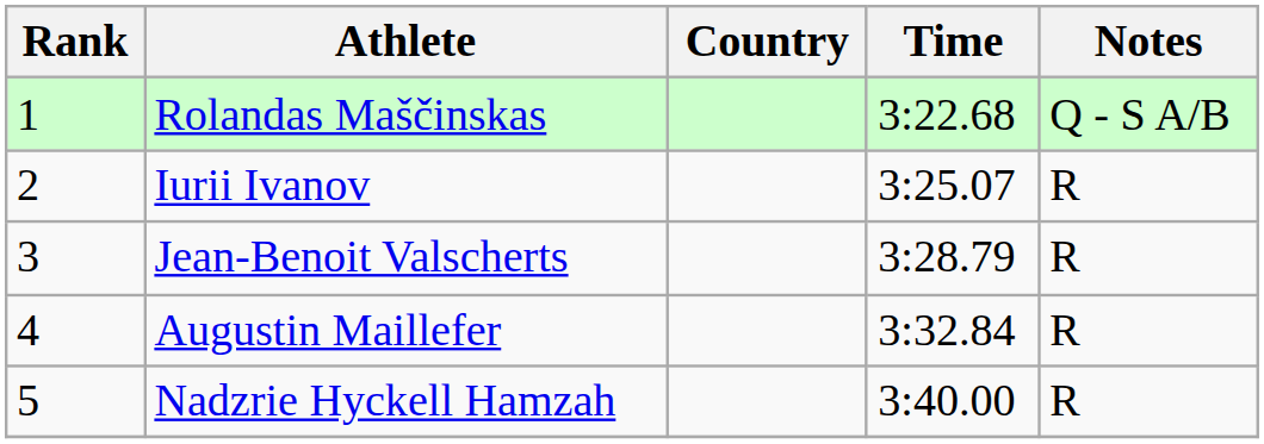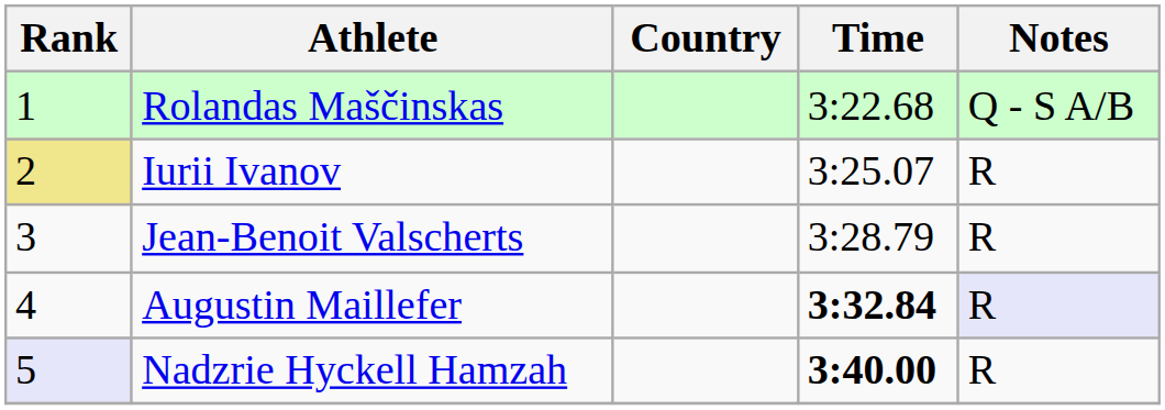 <table class="wikitable" width=50%>
 <tr>
 <th>Rank</th>
 <th>Athlete</th>
 <th>Country</th>
 <th>Time</th>
 <th>Notes</th>
 </tr>
 <tr bgcolor=ccffcc>
 <td>1</td>
 <td><a href='#'>Rolandas Maščinskas</a></td>
 <td></td>
 <td>3:22.68</td>
 <td>Q - S A/B</td>
 </tr>
 <tr>
-<td>2</td>
+<td style="background: khaki;">2</td>
 <td><a href='#'>Iurii Ivanov</a></td>
 <td></td>
 <td>3:25.07</td>
 <td>R</td>
 </tr>
 <tr>
 <td>3</td>
 <td><a href='#'>Jean-Benoit Valscherts</a></td>
 <td></td>
 <td>3:28.79</td>
 <td>R</td>
 </tr>
 <tr>
 <td>4</td>
 <td><a href='#'>Augustin Maillefer</a></td>
 <td></td>
-<td>3:32.84</td>
-<td>R</td>
+<td><strong>3:32.84</strong></td>
+<td style="background: lavender;">R</td>
 </tr>
 <tr>
-<td>5</td>
+<td style="background: lavender;">5</td>
 <td><a href='#'>Nadzrie Hyckell Hamzah</a></td>
 <td></td>
-<td>3:40.00</td>
+<td><strong>3:40.00</strong></td>
 <td>R</td>
 </tr>
 <tr>
 </tr>
 </table>
